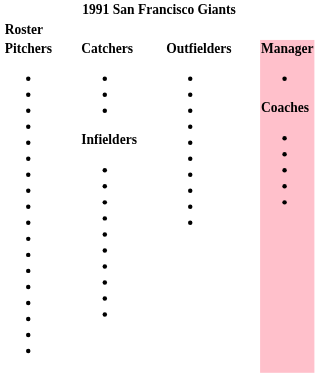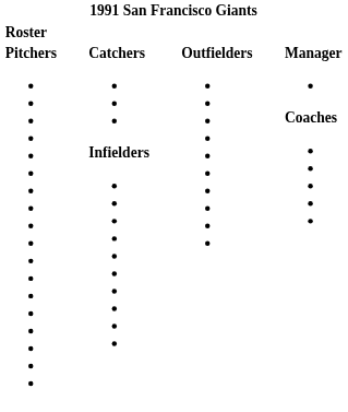 <table class="toccolours" style="font-size: 95%;">
 <tr>
 <th colspan="10">1991 San Francisco Giants</th>
 </tr>
 <tr>
 <td colspan="10"><strong>Roster</strong></td>
 </tr>
 <tr>
 <td valign="top"><strong>Pitchers</strong><br><ul><li></li><li></li><li></li><li></li><li></li><li></li><li></li><li></li><li></li><li></li><li></li><li></li><li></li><li></li><li></li><li></li><li></li><li></li></ul></td>
 <td width="25px"></td>
 <td valign="top"><strong>Catchers</strong><br><ul><li></li><li></li><li></li></ul><strong>Infielders</strong><ul><li></li><li></li><li></li><li></li><li></li><li></li><li></li><li></li><li></li><li></li></ul></td>
 <td width="25px"></td>
 <td valign="top"><strong>Outfielders</strong><br><ul><li></li><li></li><li></li><li></li><li></li><li></li><li></li><li></li><li></li><li></li></ul></td>
 <td width="25px"></td>
-<td valign="top" style="background: pink;"><strong>Manager</strong><br><ul><li></li></ul><strong>Coaches</strong><ul><li></li><li></li><li></li><li></li><li></li></ul></td>
+<td valign="top"><strong>Manager</strong><br><ul><li></li></ul><strong>Coaches</strong><ul><li></li><li></li><li></li><li></li><li></li></ul></td>
 </tr>
 <tr>
 </tr>
 </table>
